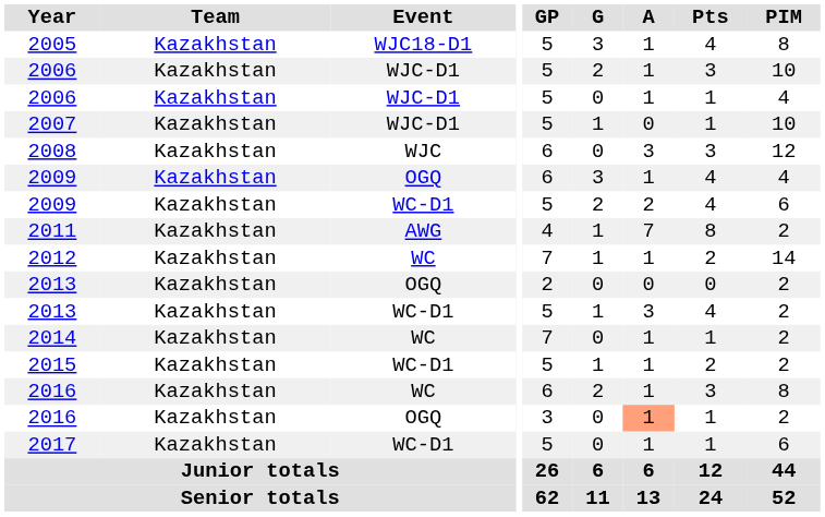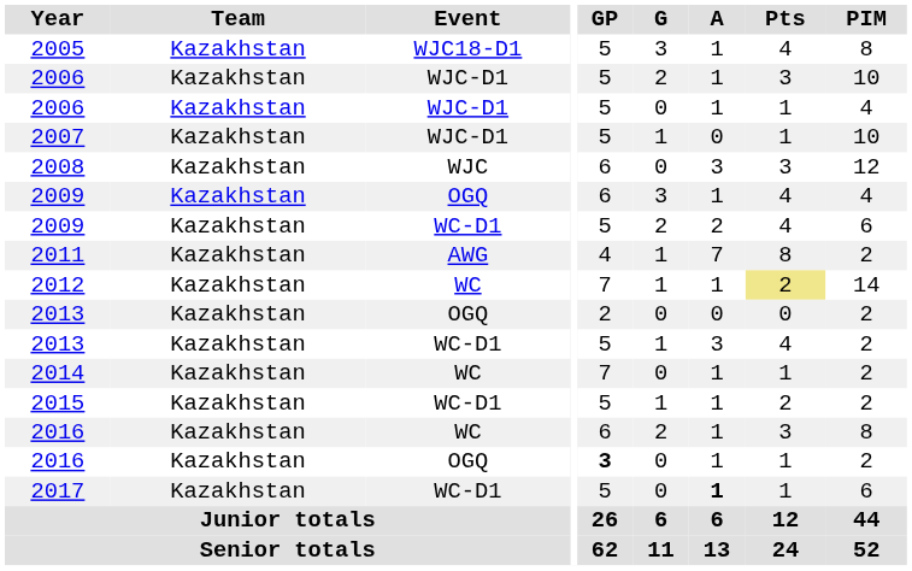 <table border="0" cellpadding="1" cellspacing="0" ID="Table3" style="text-align:center; width:40em">
 <tr ALIGN="center" bgcolor="#e0e0e0">
 <th>Year</th>
 <th>Team</th>
 <th>Event</th>
 <th rowspan="99" bgcolor="#ffffff"></th>
 <th>GP</th>
 <th>G</th>
 <th>A</th>
 <th>Pts</th>
 <th>PIM</th>
 </tr>
 <tr ALIGN="center">
 <td><a href='#'>2005</a></td>
 <td><a href='#'>Kazakhstan</a></td>
 <td><a href='#'>WJC18-D1</a></td>
 <td>5</td>
 <td>3</td>
 <td>1</td>
 <td>4</td>
 <td>8</td>
 </tr>
 <tr ALIGN="center" bgcolor="#f0f0f0">
 <td><a href='#'>2006</a></td>
 <td>Kazakhstan</td>
 <td>WJC-D1</td>
 <td>5</td>
 <td>2</td>
 <td>1</td>
 <td>3</td>
 <td>10</td>
 </tr>
 <tr ALIGN="center">
 <td><a href='#'>2006</a></td>
 <td><a href='#'>Kazakhstan</a></td>
 <td><a href='#'>WJC-D1</a></td>
 <td>5</td>
 <td>0</td>
 <td>1</td>
 <td>1</td>
 <td>4</td>
 </tr>
 <tr ALIGN="center" bgcolor="#f0f0f0">
 <td><a href='#'>2007</a></td>
 <td>Kazakhstan</td>
 <td>WJC-D1</td>
 <td>5</td>
 <td>1</td>
 <td>0</td>
 <td>1</td>
 <td>10</td>
 </tr>
 <tr ALIGN="center">
 <td><a href='#'>2008</a></td>
 <td>Kazakhstan</td>
 <td>WJC</td>
 <td>6</td>
 <td>0</td>
 <td>3</td>
 <td>3</td>
 <td>12</td>
 </tr>
 <tr ALIGN="center" bgcolor="#f0f0f0">
 <td><a href='#'>2009</a></td>
 <td><a href='#'>Kazakhstan</a></td>
 <td><a href='#'>OGQ</a></td>
 <td>6</td>
 <td>3</td>
 <td>1</td>
 <td>4</td>
 <td>4</td>
 </tr>
 <tr ALIGN="center">
 <td><a href='#'>2009</a></td>
 <td>Kazakhstan</td>
 <td><a href='#'>WC-D1</a></td>
 <td>5</td>
 <td>2</td>
 <td>2</td>
 <td>4</td>
 <td>6</td>
 </tr>
 <tr ALIGN="center" bgcolor="#f0f0f0">
 <td><a href='#'>2011</a></td>
 <td>Kazakhstan</td>
 <td><a href='#'>AWG</a></td>
 <td>4</td>
 <td>1</td>
 <td>7</td>
 <td>8</td>
 <td>2</td>
 </tr>
 <tr ALIGN="center">
 <td><a href='#'>2012</a></td>
 <td>Kazakhstan</td>
 <td><a href='#'>WC</a></td>
 <td>7</td>
 <td>1</td>
 <td>1</td>
-<td>2</td>
+<td style="background: khaki;">2</td>
 <td>14</td>
 </tr>
 <tr ALIGN="center" bgcolor="#f0f0f0">
 <td><a href='#'>2013</a></td>
 <td>Kazakhstan</td>
 <td>OGQ</td>
 <td>2</td>
 <td>0</td>
 <td>0</td>
 <td>0</td>
 <td>2</td>
 </tr>
 <tr ALIGN="center">
 <td><a href='#'>2013</a></td>
 <td>Kazakhstan</td>
 <td>WC-D1</td>
 <td>5</td>
 <td>1</td>
 <td>3</td>
 <td>4</td>
 <td>2</td>
 </tr>
 <tr ALIGN="center" bgcolor="#f0f0f0">
 <td><a href='#'>2014</a></td>
 <td>Kazakhstan</td>
 <td>WC</td>
 <td>7</td>
 <td>0</td>
 <td>1</td>
 <td>1</td>
 <td>2</td>
 </tr>
 <tr ALIGN="center">
 <td><a href='#'>2015</a></td>
 <td>Kazakhstan</td>
 <td>WC-D1</td>
 <td>5</td>
 <td>1</td>
 <td>1</td>
 <td>2</td>
 <td>2</td>
 </tr>
 <tr ALIGN="center" bgcolor="#f0f0f0">
 <td><a href='#'>2016</a></td>
 <td>Kazakhstan</td>
 <td>WC</td>
 <td>6</td>
 <td>2</td>
 <td>1</td>
 <td>3</td>
 <td>8</td>
 </tr>
 <tr ALIGN="center">
 <td><a href='#'>2016</a></td>
 <td>Kazakhstan</td>
 <td>OGQ</td>
-<td>3</td>
+<td><strong>3</strong></td>
 <td>0</td>
-<td style="background: lightsalmon;">1</td>
+<td>1</td>
 <td>1</td>
 <td>2</td>
 </tr>
 <tr ALIGN="center" bgcolor="#f0f0f0">
 <td><a href='#'>2017</a></td>
 <td>Kazakhstan</td>
 <td>WC-D1</td>
 <td>5</td>
 <td>0</td>
-<td>1</td>
+<td><strong>1</strong></td>
 <td>1</td>
 <td>6</td>
 </tr>
 <tr style="text-align:center; background:#e0e0e0;">
 <th colspan=3>Junior totals</th>
 <th>26</th>
 <th>6</th>
 <th>6</th>
 <th>12</th>
 <th>44</th>
 </tr>
 <tr style="text-align:center; background:#e0e0e0;">
 <th colspan=3>Senior totals</th>
 <th>62</th>
 <th>11</th>
 <th>13</th>
 <th>24</th>
 <th>52</th>
 </tr>
 </table>
